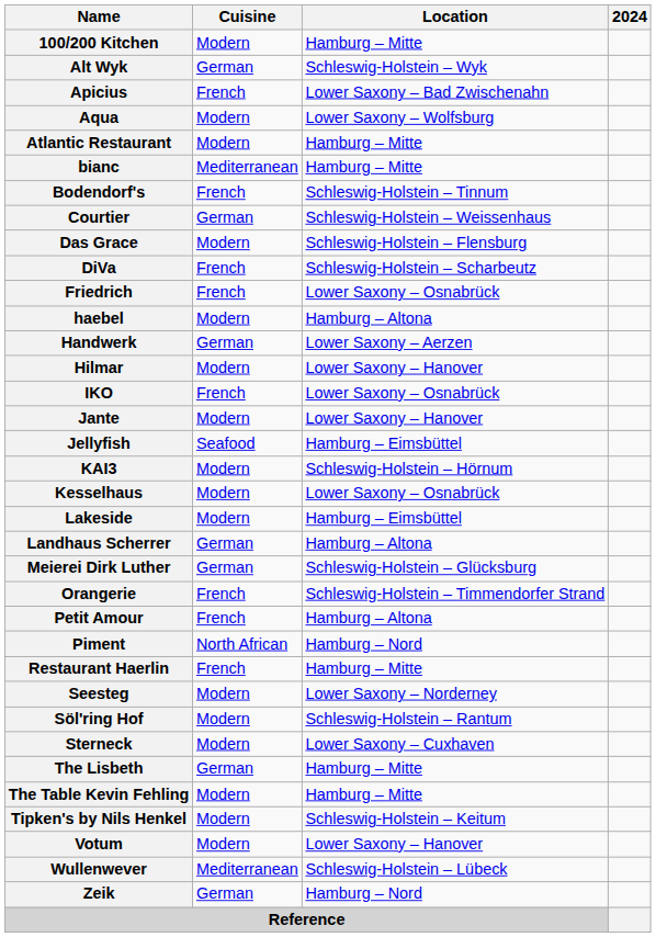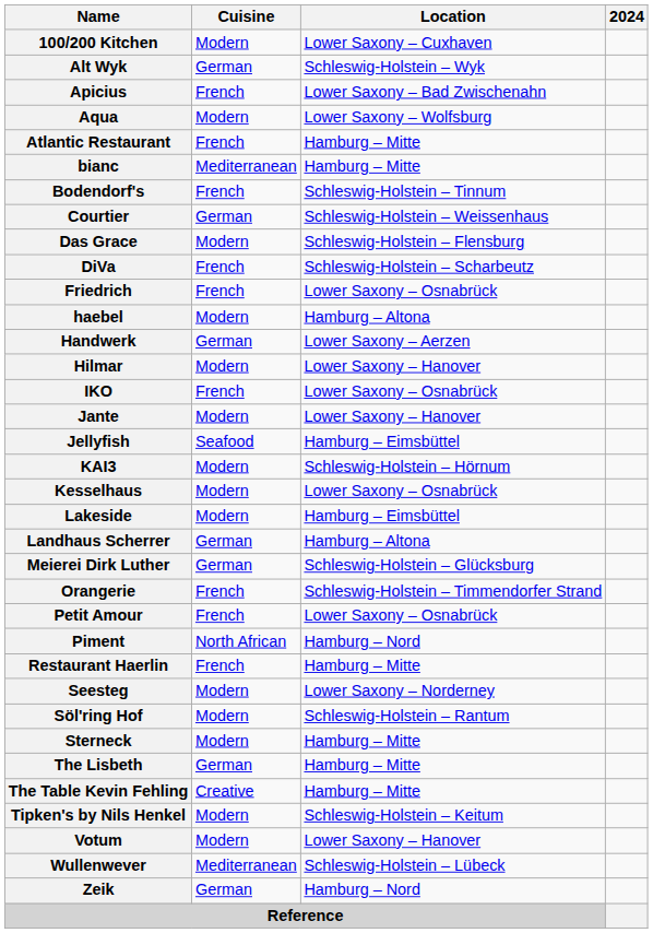 <table class="wikitable sortable plainrowheaders" style="text-align:left;"">
 <tr>
 <th scope="col">Name</th>
 <th scope="col">Cuisine</th>
 <th scope="col">Location</th>
 <th scope="col">2024</th>
 </tr>
 <tr>
 <th scope="row">100/200 Kitchen</th>
 <td><a href='#'>Modern</a></td>
-<td><a href='#'>Hamburg – Mitte</a></td>
+<td><a href='#'>Lower Saxony – Cuxhaven</a></td>
 <td></td>
 </tr>
 <tr>
 <th scope="row">Alt Wyk</th>
 <td><a href='#'>German</a></td>
 <td><a href='#'>Schleswig-Holstein – Wyk</a></td>
 <td></td>
 </tr>
 <tr>
 <th scope="row">Apicius</th>
 <td><a href='#'>French</a></td>
 <td><a href='#'>Lower Saxony – Bad Zwischenahn</a></td>
 <td></td>
 </tr>
 <tr>
 <th scope="row">Aqua</th>
 <td><a href='#'>Modern</a></td>
 <td><a href='#'>Lower Saxony – Wolfsburg</a></td>
 <td></td>
 </tr>
 <tr>
 <th scope="row">Atlantic Restaurant</th>
-<td><a href='#'>Modern</a></td>
+<td><a href='#'>French</a></td>
 <td><a href='#'>Hamburg – Mitte</a></td>
 <td></td>
 </tr>
 <tr>
 <th scope="row">bianc</th>
 <td><a href='#'>Mediterranean</a></td>
 <td><a href='#'>Hamburg – Mitte</a></td>
 <td></td>
 </tr>
 <tr>
 <th scope="row">Bodendorf's</th>
 <td><a href='#'>French</a></td>
 <td><a href='#'>Schleswig-Holstein – Tinnum</a></td>
 <td></td>
 </tr>
 <tr>
 <th scope="row">Courtier</th>
 <td><a href='#'>German</a></td>
 <td><a href='#'>Schleswig-Holstein – Weissenhaus</a></td>
 <td></td>
 </tr>
 <tr>
 <th scope="row">Das Grace</th>
 <td><a href='#'>Modern</a></td>
 <td><a href='#'>Schleswig-Holstein – Flensburg</a></td>
 <td></td>
 </tr>
 <tr>
 <th scope="row">DiVa</th>
 <td><a href='#'>French</a></td>
 <td><a href='#'>Schleswig-Holstein – Scharbeutz</a></td>
 <td></td>
 </tr>
 <tr>
 <th scope="row">Friedrich</th>
 <td><a href='#'>French</a></td>
 <td><a href='#'>Lower Saxony – Osnabrück</a></td>
 <td></td>
 </tr>
 <tr>
 <th scope="row">haebel</th>
 <td><a href='#'>Modern</a></td>
 <td><a href='#'>Hamburg – Altona</a></td>
 <td></td>
 </tr>
 <tr>
 <th scope="row">Handwerk</th>
 <td><a href='#'>German</a></td>
 <td><a href='#'>Lower Saxony – Aerzen</a></td>
 <td></td>
 </tr>
 <tr>
 <th scope="row">Hilmar</th>
 <td><a href='#'>Modern</a></td>
 <td><a href='#'>Lower Saxony – Hanover</a></td>
 <td></td>
 </tr>
 <tr>
 <th scope="row">IKO</th>
 <td><a href='#'>French</a></td>
 <td><a href='#'>Lower Saxony – Osnabrück</a></td>
 <td></td>
 </tr>
 <tr>
 <th scope="row">Jante</th>
 <td><a href='#'>Modern</a></td>
 <td><a href='#'>Lower Saxony – Hanover</a></td>
 <td></td>
 </tr>
 <tr>
 <th scope="row">Jellyfish</th>
 <td><a href='#'>Seafood</a></td>
 <td><a href='#'>Hamburg – Eimsbüttel</a></td>
 <td></td>
 </tr>
 <tr>
 <th scope="row">KAI3</th>
 <td><a href='#'>Modern</a></td>
 <td><a href='#'>Schleswig-Holstein – Hörnum</a></td>
 <td></td>
 </tr>
 <tr>
 <th scope="row">Kesselhaus</th>
 <td><a href='#'>Modern</a></td>
 <td><a href='#'>Lower Saxony – Osnabrück</a></td>
 <td></td>
 </tr>
 <tr>
 <th scope="row">Lakeside</th>
 <td><a href='#'>Modern</a></td>
 <td><a href='#'>Hamburg – Eimsbüttel</a></td>
 <td></td>
 </tr>
 <tr>
 <th scope="row">Landhaus Scherrer</th>
 <td><a href='#'>German</a></td>
 <td><a href='#'>Hamburg – Altona</a></td>
 <td></td>
 </tr>
 <tr>
 <th scope="row">Meierei Dirk Luther</th>
 <td><a href='#'>German</a></td>
 <td><a href='#'>Schleswig-Holstein – Glücksburg</a></td>
 <td></td>
 </tr>
 <tr>
 <th scope="row">Orangerie</th>
 <td><a href='#'>French</a></td>
 <td><a href='#'>Schleswig-Holstein – Timmendorfer Strand</a></td>
 <td></td>
 </tr>
 <tr>
 <th scope="row">Petit Amour</th>
 <td><a href='#'>French</a></td>
-<td><a href='#'>Hamburg – Altona</a></td>
+<td><a href='#'>Lower Saxony – Osnabrück</a></td>
 <td></td>
 </tr>
 <tr>
 <th scope="row">Piment</th>
 <td><a href='#'>North African</a></td>
 <td><a href='#'>Hamburg – Nord</a></td>
 <td></td>
 </tr>
 <tr>
 <th scope="row">Restaurant Haerlin</th>
 <td><a href='#'>French</a></td>
 <td><a href='#'>Hamburg – Mitte</a></td>
 <td></td>
 </tr>
 <tr>
 <th scope="row">Seesteg</th>
 <td><a href='#'>Modern</a></td>
 <td><a href='#'>Lower Saxony – Norderney</a></td>
 <td></td>
 </tr>
 <tr>
 <th scope="row">Söl'ring Hof</th>
 <td><a href='#'>Modern</a></td>
 <td><a href='#'>Schleswig-Holstein – Rantum</a></td>
 <td></td>
 </tr>
 <tr>
 <th scope="row">Sterneck</th>
 <td><a href='#'>Modern</a></td>
-<td><a href='#'>Lower Saxony – Cuxhaven</a></td>
+<td><a href='#'>Hamburg – Mitte</a></td>
 <td></td>
 </tr>
 <tr>
 <th scope="row">The Lisbeth</th>
 <td><a href='#'>German</a></td>
 <td><a href='#'>Hamburg – Mitte</a></td>
 <td></td>
 </tr>
 <tr>
 <th scope="row">The Table Kevin Fehling</th>
-<td><a href='#'>Modern</a></td>
+<td><a href='#'>Creative</a></td>
 <td><a href='#'>Hamburg – Mitte</a></td>
 <td></td>
 </tr>
 <tr>
 <th scope="row">Tipken's by Nils Henkel</th>
 <td><a href='#'>Modern</a></td>
 <td><a href='#'>Schleswig-Holstein – Keitum</a></td>
 <td></td>
 </tr>
 <tr>
 <th scope="row">Votum</th>
 <td><a href='#'>Modern</a></td>
 <td><a href='#'>Lower Saxony – Hanover</a></td>
 <td></td>
 </tr>
 <tr>
 <th scope="row">Wullenwever</th>
 <td><a href='#'>Mediterranean</a></td>
 <td><a href='#'>Schleswig-Holstein – Lübeck</a></td>
 <td></td>
 </tr>
 <tr>
 <th scope="row">Zeik</th>
 <td><a href='#'>German</a></td>
 <td><a href='#'>Hamburg – Nord</a></td>
 <td></td>
 </tr>
 <tr>
 <th colspan="3" style="text-align: center;background: lightgray;">Reference</th>
 <th></th>
 </tr>
 </table>
